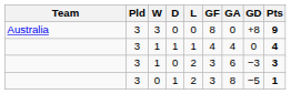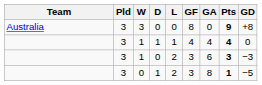 <table class="wikitable" style="text-align: center;">
 <tr>
 <th width=175>Team</th>
 <th width=20>Pld</th>
 <th width=20>W</th>
 <th width=20>D</th>
 <th width=20>L</th>
 <th width=20>GF</th>
 <th width=20>GA</th>
+<th width=20>Pts</th>
 <th width=20>GD</th>
-<th width=20>Pts</th>
 </tr>
 <tr>
 <td style="text-align:left;"> <a href='#'>Australia</a></td>
 <td>3</td>
 <td>3</td>
 <td>0</td>
 <td>0</td>
 <td>8</td>
 <td>0</td>
+<td><strong>9</strong></td>
 <td>+8</td>
-<td><strong>9</strong></td>
 </tr>
 <tr>
 <td style="text-align:left;"></td>
 <td>3</td>
 <td>1</td>
 <td>1</td>
 <td>1</td>
 <td>4</td>
 <td>4</td>
+<td><strong>4</strong></td>
 <td>0</td>
-<td><strong>4</strong></td>
 </tr>
 <tr>
 <td style="text-align:left;"></td>
 <td>3</td>
 <td>1</td>
 <td>0</td>
 <td>2</td>
 <td>3</td>
 <td>6</td>
+<td><strong>3</strong></td>
 <td>−3</td>
-<td><strong>3</strong></td>
 </tr>
 <tr>
 <td style="text-align:left;"></td>
 <td>3</td>
 <td>0</td>
 <td>1</td>
 <td>2</td>
 <td>3</td>
 <td>8</td>
+<td><strong>1</strong></td>
 <td>−5</td>
-<td><strong>1</strong></td>
 </tr>
 </table>
